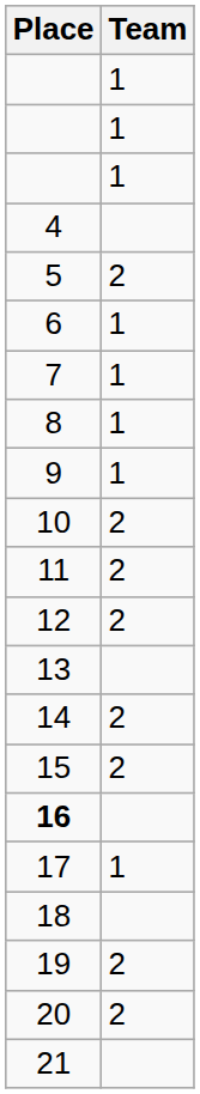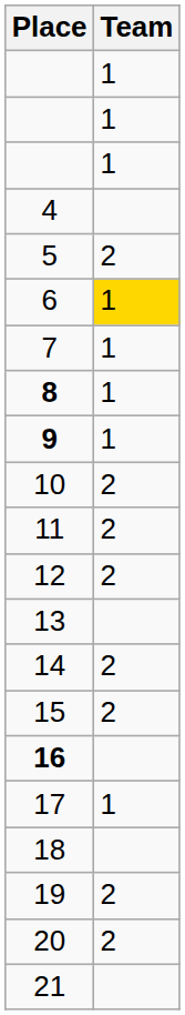 <table class="wikitable">
 <tr>
 <th>Place</th>
 <th>Team</th>
 </tr>
 <tr>
 <td align=center></td>
 <td> 1</td>
 </tr>
 <tr>
 <td align=center></td>
 <td> 1</td>
 </tr>
 <tr>
 <td align=center></td>
 <td> 1</td>
 </tr>
 <tr>
 <td align=center>4</td>
 <td></td>
 </tr>
 <tr>
 <td align=center>5</td>
 <td> 2</td>
 </tr>
 <tr>
 <td align=center>6</td>
-<td> 1</td>
+<td style="background: gold;"> 1</td>
 </tr>
 <tr>
 <td align=center>7</td>
 <td> 1</td>
 </tr>
 <tr>
-<td align=center>8</td>
+<td align=center><strong>8</strong></td>
 <td> 1</td>
 </tr>
 <tr>
-<td align=center>9</td>
+<td align=center><strong>9</strong></td>
 <td> 1</td>
 </tr>
 <tr>
 <td align=center>10</td>
 <td> 2</td>
 </tr>
 <tr>
 <td align=center>11</td>
 <td> 2</td>
 </tr>
 <tr>
 <td align=center>12</td>
 <td> 2</td>
 </tr>
 <tr>
 <td align=center>13</td>
 <td></td>
 </tr>
 <tr>
 <td align=center>14</td>
 <td> 2</td>
 </tr>
 <tr>
 <td align=center>15</td>
 <td> 2</td>
 </tr>
 <tr>
 <td align=center><strong>16</strong></td>
 <td></td>
 </tr>
 <tr>
 <td align=center>17</td>
 <td> 1</td>
 </tr>
 <tr>
 <td align=center>18</td>
 <td></td>
 </tr>
 <tr>
 <td align=center>19</td>
 <td> 2</td>
 </tr>
 <tr>
 <td align=center>20</td>
 <td> 2</td>
 </tr>
 <tr>
 <td align=center>21</td>
 <td></td>
 </tr>
 </table>
